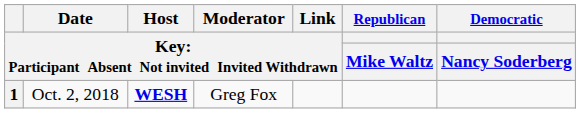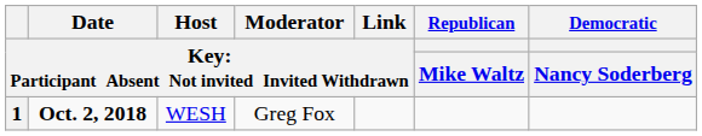 <table class="wikitable" style="text-align:center;">
 <tr>
 <th scope="col"></th>
 <th scope="col">Date</th>
 <th scope="col">Host</th>
 <th scope="col">Moderator</th>
 <th scope="col">Link</th>
 <th scope="col"><small><a href='#'>Republican</a></small></th>
 <th scope="col"><small><a href='#'>Democratic</a></small></th>
 </tr>
 <tr>
 <th colspan="5" rowspan="2">Key:<br> <small>Participant </small>  <small>Absent </small>  <small>Not invited </small>  <small>Invited  Withdrawn</small></th>
 <th scope="col" style="background:"></th>
 <th scope="col" style="background:"></th>
 </tr>
 <tr>
 <th scope="col"><a href='#'>Mike Waltz</a></th>
 <th scope="col"><a href='#'>Nancy Soderberg</a></th>
 </tr>
 <tr>
 <th>1</th>
-<td style="white-space:nowrap;">Oct. 2, 2018</td>
-<td style="white-space:nowrap;"><strong><a href='#'>WESH</a></strong></td>
+<td style="white-space:nowrap;"><strong>Oct. 2, 2018</strong></td>
+<td style="white-space:nowrap;"><a href='#'>WESH</a></td>
 <td style="white-space:nowrap;">Greg Fox</td>
 <td style="white-space:nowrap;"></td>
 <td></td>
 <td></td>
 </tr>
 </table>
